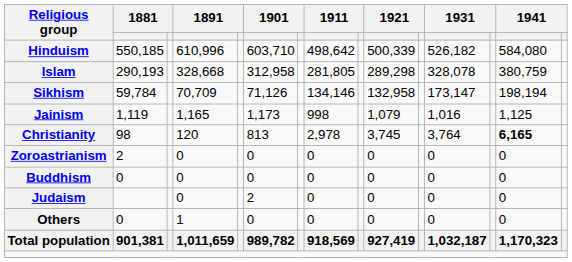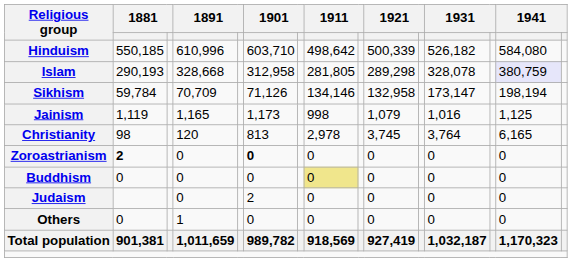 <table class="wikitable sortable">
 <tr>
 <th rowspan="2"><a href='#'>Religious</a><br>group</th>
 <th colspan="2">1881</th>
 <th colspan="2">1891</th>
 <th colspan="2">1901</th>
 <th colspan="2">1911</th>
 <th colspan="2">1921</th>
 <th colspan="2">1931</th>
 <th colspan="2">1941</th>
 </tr>
 <tr>
 <th><a href='#'></a></th>
 <th></th>
 <th></th>
 <th></th>
 <th></th>
 <th></th>
 <th></th>
 <th></th>
 <th></th>
 <th></th>
 <th></th>
 <th></th>
 <th></th>
 <th></th>
 </tr>
 <tr>
 <th><a href='#'>Hinduism</a> </th>
 <td>550,185</td>
 <td></td>
 <td>610,996</td>
 <td></td>
 <td>603,710</td>
 <td></td>
 <td>498,642</td>
 <td></td>
 <td>500,339</td>
 <td></td>
 <td>526,182</td>
 <td></td>
 <td>584,080</td>
 <td></td>
 </tr>
 <tr>
 <th><a href='#'>Islam</a> </th>
 <td>290,193</td>
 <td></td>
 <td>328,668</td>
 <td></td>
 <td>312,958</td>
 <td></td>
 <td>281,805</td>
 <td></td>
 <td>289,298</td>
 <td></td>
 <td>328,078</td>
 <td></td>
-<td>380,759</td>
+<td style="background: lavender;">380,759</td>
 <td></td>
 </tr>
 <tr>
 <th><a href='#'>Sikhism</a> </th>
 <td>59,784</td>
 <td></td>
 <td>70,709</td>
 <td></td>
 <td>71,126</td>
 <td></td>
 <td>134,146</td>
 <td></td>
 <td>132,958</td>
 <td></td>
 <td>173,147</td>
 <td></td>
 <td>198,194</td>
 <td></td>
 </tr>
 <tr>
 <th><a href='#'>Jainism</a> </th>
 <td>1,119</td>
 <td></td>
 <td>1,165</td>
 <td></td>
 <td>1,173</td>
 <td></td>
 <td>998</td>
 <td></td>
 <td>1,079</td>
 <td></td>
 <td>1,016</td>
 <td></td>
 <td>1,125</td>
 <td></td>
 </tr>
 <tr>
 <th><a href='#'>Christianity</a> </th>
 <td>98</td>
 <td></td>
 <td>120</td>
 <td></td>
 <td>813</td>
 <td></td>
 <td>2,978</td>
 <td></td>
 <td>3,745</td>
 <td></td>
 <td>3,764</td>
 <td></td>
-<td><strong>6,165</strong></td>
+<td>6,165</td>
 <td></td>
 </tr>
 <tr>
 <th><a href='#'>Zoroastrianism</a> </th>
-<td>2</td>
+<td><strong>2</strong></td>
 <td></td>
 <td>0</td>
 <td></td>
-<td>0</td>
+<td><strong>0</strong></td>
 <td></td>
 <td>0</td>
 <td></td>
 <td>0</td>
 <td></td>
 <td>0</td>
 <td></td>
 <td>0</td>
 <td></td>
 </tr>
 <tr>
 <th><a href='#'>Buddhism</a> </th>
 <td>0</td>
 <td></td>
 <td>0</td>
 <td></td>
 <td>0</td>
 <td></td>
-<td>0</td>
+<td style="background: khaki;">0</td>
 <td></td>
 <td>0</td>
 <td></td>
 <td>0</td>
 <td></td>
 <td>0</td>
 <td></td>
 </tr>
 <tr>
 <th><a href='#'>Judaism</a> </th>
 <td></td>
 <td></td>
 <td>0</td>
 <td></td>
 <td>2</td>
 <td></td>
 <td>0</td>
 <td></td>
 <td>0</td>
 <td></td>
 <td>0</td>
 <td></td>
 <td>0</td>
 <td></td>
 </tr>
 <tr>
 <th>Others</th>
 <td>0</td>
 <td></td>
 <td>1</td>
 <td></td>
 <td>0</td>
 <td></td>
 <td>0</td>
 <td></td>
 <td>0</td>
 <td></td>
 <td>0</td>
 <td></td>
 <td>0</td>
 <td></td>
 </tr>
 <tr>
 <th>Total population</th>
 <th>901,381</th>
 <th></th>
 <th>1,011,659</th>
 <th></th>
 <th>989,782</th>
 <th></th>
 <th>918,569</th>
 <th></th>
 <th>927,419</th>
 <th></th>
 <th>1,032,187</th>
 <th></th>
 <th>1,170,323</th>
 <th></th>
 </tr>
 <tr class="sortbottom">
 <td colspan="15"></td>
 </tr>
 </table>
